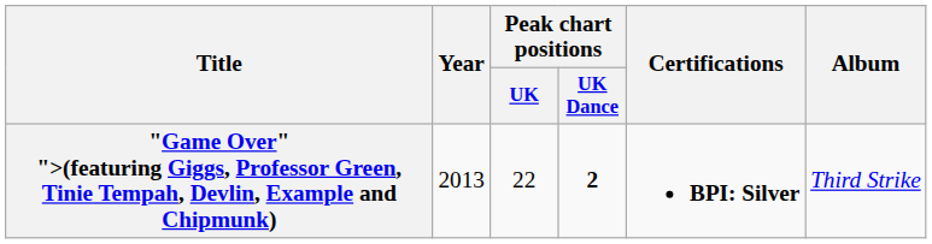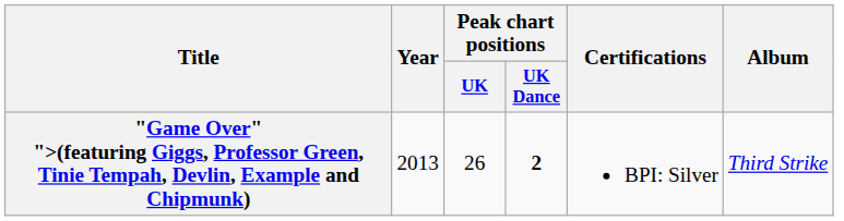 <table class="wikitable plainrowheaders" style="text-align:center;" border="1">
 <tr>
 <th scope="col" rowspan="2" style="width:18em;">Title</th>
 <th scope="col" rowspan="2" style="width:1em;">Year</th>
 <th scope="col" colspan="2">Peak chart positions</th>
 <th scope="col" rowspan="2">Certifications</th>
 <th scope="col" rowspan="2">Album</th>
 </tr>
 <tr>
 <th scope="col" style="width:3em;font-size:85%;"><a href='#'>UK</a><br></th>
 <th scope="col" style="width:3em;font-size:85%;"><a href='#'>UK Dance</a><br></th>
 </tr>
 <tr>
 <th scope="row">"<a href='#'>Game Over</a>"<br><span>">(featuring <a href='#'>Giggs</a>, <a href='#'>Professor Green</a>, <a href='#'>Tinie Tempah</a>, <a href='#'>Devlin</a>, <a href='#'>Example</a> and <a href='#'>Chipmunk</a>)</span></th>
 <td>2013</td>
-<td>22</td>
+<td>26</td>
 <td><strong>2</strong></td>
-<td><strong><br><ul><li>BPI: Silver</li></ul></strong></td>
+<td><br><ul><li>BPI: Silver</li></ul></td>
 <td><em><a href='#'>Third Strike</a></em></td>
 </tr>
 </table>
